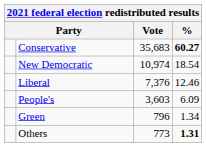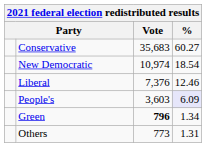 <table class="wikitable">
 <tr>
 <th colspan="4"><a href='#'>2021 federal election</a> redistributed results</th>
 </tr>
 <tr>
 <th bgcolor="#DDDDFF" width="130px" colspan="2">Party</th>
 <th bgcolor="#DDDDFF" width="50px">Vote</th>
 <th bgcolor="#DDDDFF" width="30px">%</th>
 </tr>
 <tr>
 <td> </td>
 <td><a href='#'>Conservative</a></td>
 <td align=right>35,683</td>
-<td align=right><strong>60.27</strong></td>
+<td align=right>60.27</td>
 </tr>
 <tr>
 <td> </td>
 <td><a href='#'>New Democratic</a></td>
 <td align=right>10,974</td>
 <td align=right>18.54</td>
 </tr>
 <tr>
 <td> </td>
 <td><a href='#'>Liberal</a></td>
 <td align=right>7,376</td>
 <td align=right>12.46</td>
 </tr>
 <tr>
 <td> </td>
 <td><a href='#'>People's</a></td>
 <td align=right>3,603</td>
-<td align=right>6.09</td>
+<td align=right style="background: lavender;">6.09</td>
 </tr>
 <tr>
 <td> </td>
 <td><a href='#'>Green</a></td>
-<td align=right>796</td>
+<td align=right><strong>796</strong></td>
 <td align=right>1.34</td>
 </tr>
 <tr>
 <td> </td>
 <td>Others</td>
 <td align=right>773</td>
-<td align=right><strong>1.31</strong></td>
+<td align=right>1.31</td>
 </tr>
 </table>
